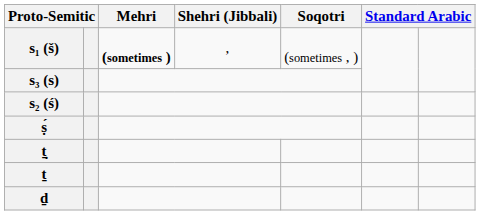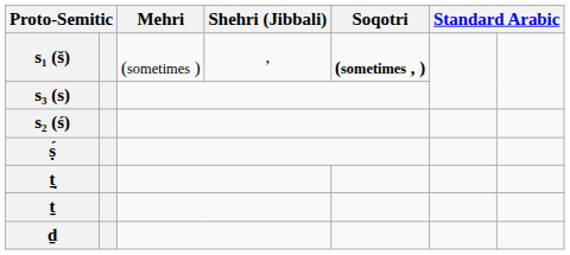 <table class="wikitable" style="text-align:center;">
 <tr>
 <th colspan="2">Proto-Semitic</th>
 <th>Mehri</th>
 <th>Shehri (Jibbali)</th>
 <th>Soqotri</th>
 <th colspan="2"><a href='#'>Standard Arabic</a></th>
 </tr>
 <tr>
 <th>s₁ (š)</th>
 <th></th>
-<td><strong><br>(<small>sometimes</small> )</strong></td>
+<td><br>(<small>sometimes</small> )</td>
 <td>, </td>
-<td><br>(<small>sometimes</small> , )</td>
+<td><strong><br>(<small>sometimes</small> , )</strong></td>
 <td rowspan="2"></td>
 <td rowspan="2"><big></big></td>
 </tr>
 <tr>
 <th>s₃ (s)</th>
 <th></th>
 <td colspan="3"></td>
 </tr>
 <tr>
 <th>s₂ (ś)</th>
 <th></th>
 <td colspan="3"></td>
 <td></td>
 <td><big></big></td>
 </tr>
 <tr>
 <th>ṣ́</th>
 <th></th>
 <td colspan="3"></td>
 <td></td>
 <td><big></big></td>
 </tr>
 <tr>
 <th>ṯ̣</th>
 <th></th>
 <td colspan="2"></td>
 <td></td>
 <td></td>
 <td><big></big></td>
 </tr>
 <tr>
 <th>ṯ</th>
 <th></th>
 <td colspan="2"></td>
 <td></td>
 <td></td>
 <td><big></big></td>
 </tr>
 <tr>
 <th>ḏ</th>
 <th></th>
 <td colspan="2"></td>
 <td></td>
 <td></td>
 <td><big></big></td>
 </tr>
 </table>
